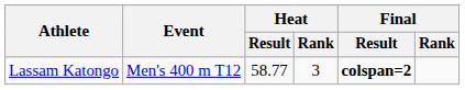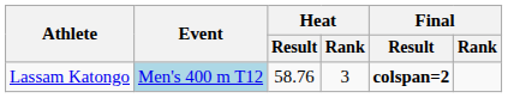 <table class="wikitable" style="font-size:90%">
 <tr>
 <th rowspan="2">Athlete</th>
 <th rowspan="2">Event</th>
 <th colspan="2">Heat</th>
 <th colspan="2">Final</th>
 </tr>
 <tr style="font-size:95%">
 <th>Result</th>
 <th>Rank</th>
 <th>Result</th>
 <th>Rank</th>
 </tr>
 <tr align=center>
 <td align=left><a href='#'>Lassam Katongo</a></td>
-<td align=left><a href='#'>Men's 400 m T12</a></td>
-<td>58.77</td>
+<td align=left style="background: lightblue;"><a href='#'>Men's 400 m T12</a></td>
+<td>58.76</td>
 <td>3</td>
 <td><strong>colspan=2 </strong></td>
 </tr>
 </table>
